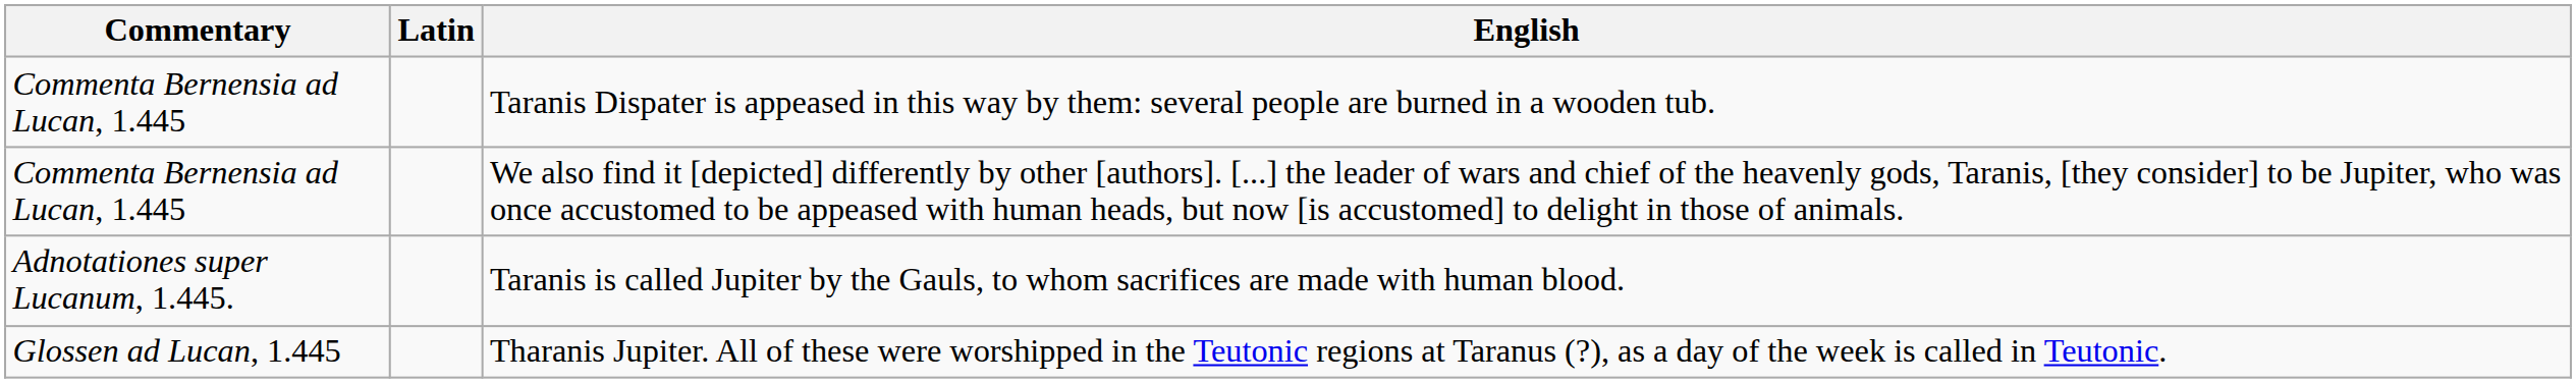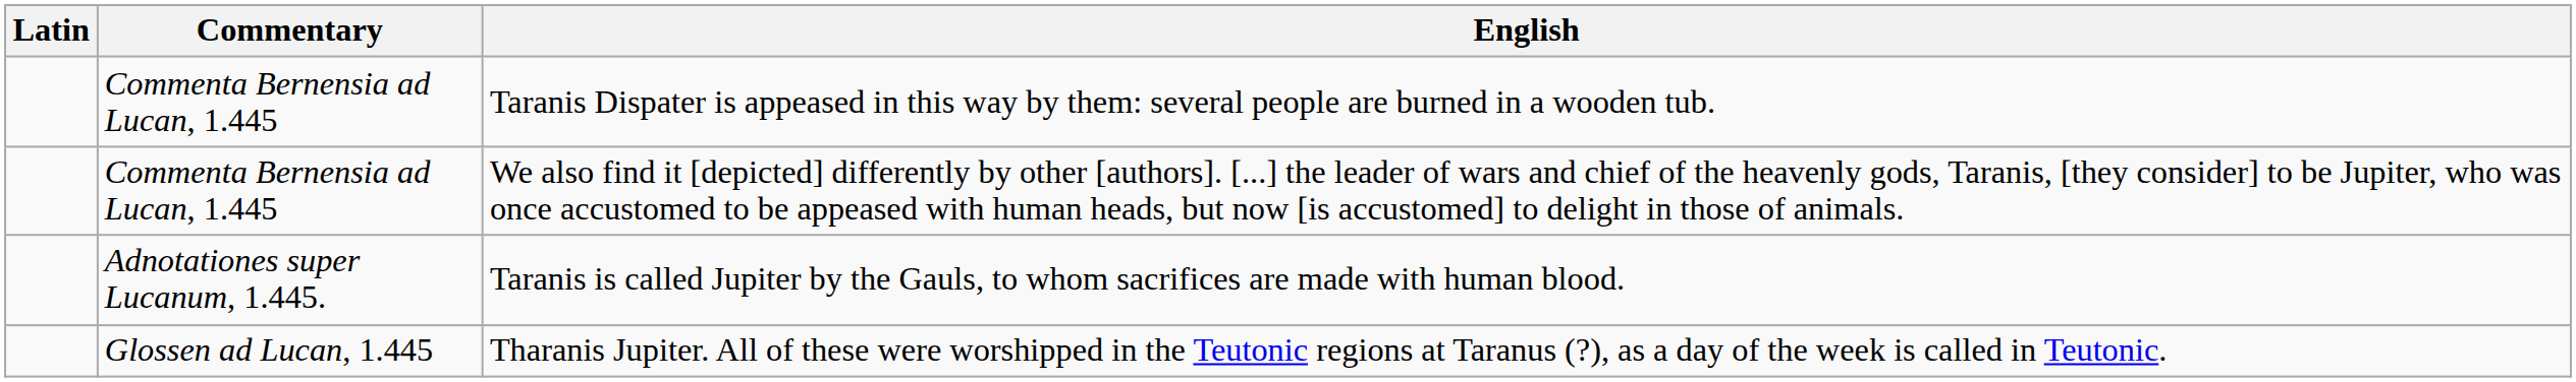 <table class="wikitable">
 <tr>
+<th>Latin</th>
 <th>Commentary</th>
-<th>Latin</th>
 <th>English</th>
 </tr>
 <tr>
+<td></td>
 <td><em>Commenta Bernensia ad Lucan</em>, 1.445</td>
-<td></td>
 <td>Taranis Dispater is appeased in this way by them: several people are burned in a wooden tub.</td>
 </tr>
 <tr>
+<td></td>
 <td><em>Commenta Bernensia ad Lucan</em>, 1.445</td>
-<td></td>
 <td>We also find it [depicted] differently by other [authors]. [...] the leader of wars and chief of the heavenly gods, Taranis, [they consider] to be Jupiter, who was once accustomed to be appeased with human heads, but now [is accustomed] to delight in those of animals.</td>
 </tr>
 <tr>
+<td></td>
 <td><em>Adnotationes super Lucanum</em>, 1.445.</td>
-<td></td>
 <td>Taranis is called Jupiter by the Gauls, to whom sacrifices are made with human blood.</td>
 </tr>
 <tr>
+<td></td>
 <td><em>Glossen ad Lucan</em>, 1.445</td>
-<td></td>
 <td>Tharanis Jupiter. All of these were worshipped in the <a href='#'>Teutonic</a> regions at Taranus (?), as a day of the week is called in <a href='#'>Teutonic</a>.</td>
 </tr>
 </table>
